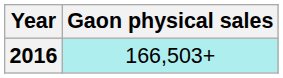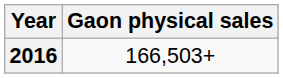 <table class="wikitable">
 <tr>
 <th scope="col">Year</th>
 <th scope="col">Gaon physical sales</th>
 </tr>
 <tr>
 <th scope="row">2016</th>
-<td style="background: paleturquoise; text-align:center;">166,503+</td>
+<td style="text-align:center;">166,503+</td>
 </tr>
 </table>
